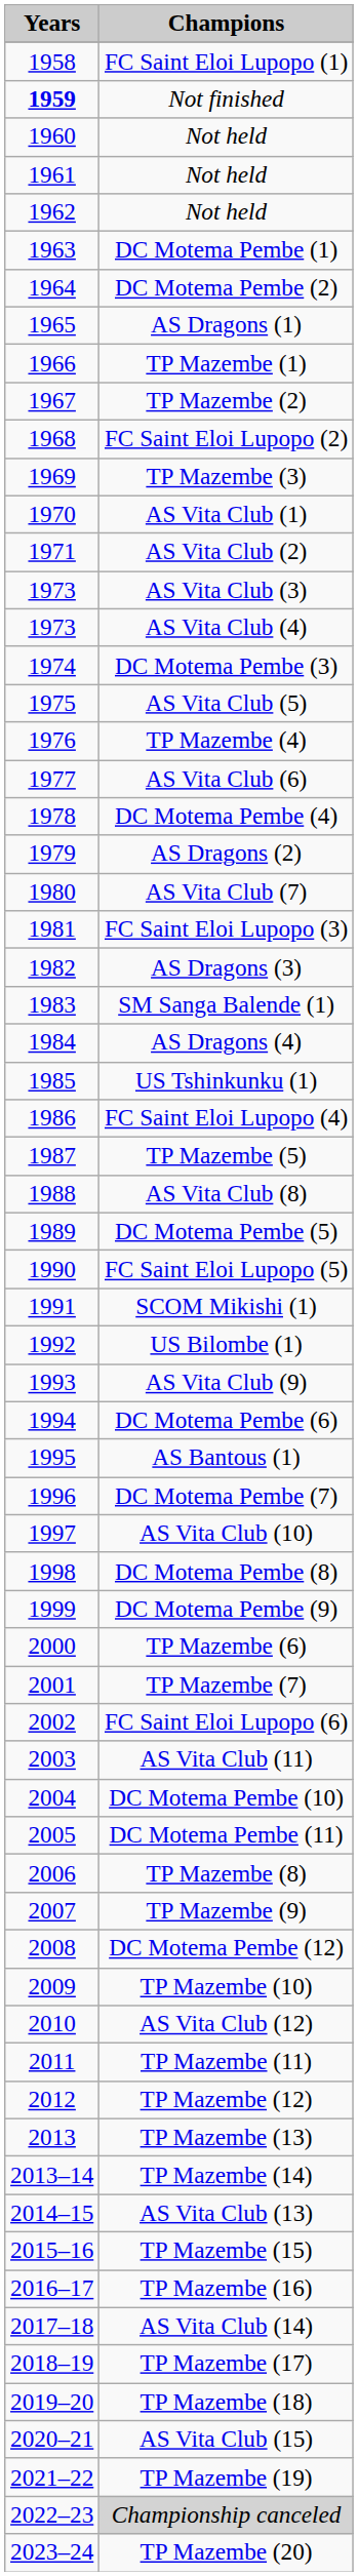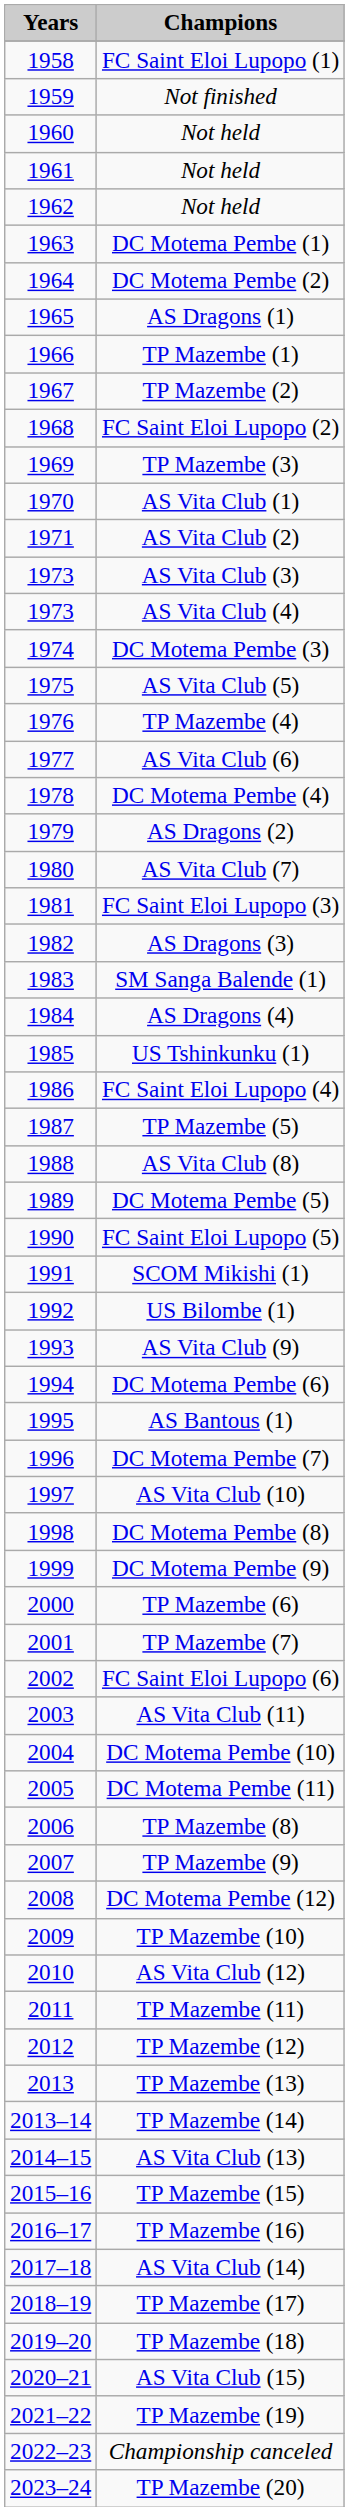 <table class="wikitable" style="text-align: center;">
 <tr bgcolor="#CCCCCC">
 <td><strong>Years</strong></td>
 <td><strong>Champions</strong></td>
 </tr>
 <tr bgcolor="#EFEFEF">
 </tr>
 <tr>
 <td><a href='#'>1958</a></td>
 <td><a href='#'>FC Saint Eloi Lupopo</a> (1)</td>
 </tr>
 <tr>
-<td><strong><a href='#'>1959</a></strong></td>
+<td><a href='#'>1959</a></td>
 <td><em>Not finished</em></td>
 </tr>
 <tr>
 <td><a href='#'>1960</a></td>
 <td><em>Not held</em></td>
 </tr>
 <tr>
 <td><a href='#'>1961</a></td>
 <td><em>Not held</em></td>
 </tr>
 <tr>
 <td><a href='#'>1962</a></td>
 <td><em>Not held</em></td>
 </tr>
 <tr>
 <td><a href='#'>1963</a></td>
 <td><a href='#'>DC Motema Pembe</a> (1)</td>
 </tr>
 <tr>
 <td><a href='#'>1964</a></td>
 <td><a href='#'>DC Motema Pembe</a> (2)</td>
 </tr>
 <tr>
 <td><a href='#'>1965</a></td>
 <td><a href='#'>AS Dragons</a> (1)</td>
 </tr>
 <tr>
 <td><a href='#'>1966</a></td>
 <td><a href='#'>TP Mazembe</a> (1)</td>
 </tr>
 <tr>
 <td><a href='#'>1967</a></td>
 <td><a href='#'>TP Mazembe</a> (2)</td>
 </tr>
 <tr>
 <td><a href='#'>1968</a></td>
 <td><a href='#'>FC Saint Eloi Lupopo</a> (2)</td>
 </tr>
 <tr>
 <td><a href='#'>1969</a></td>
 <td><a href='#'>TP Mazembe</a> (3)</td>
 </tr>
 <tr>
 <td><a href='#'>1970</a></td>
 <td><a href='#'>AS Vita Club</a> (1)</td>
 </tr>
 <tr>
 <td><a href='#'>1971</a></td>
 <td><a href='#'>AS Vita Club</a> (2)</td>
 </tr>
 <tr>
 <td><a href='#'>1973</a></td>
 <td><a href='#'>AS Vita Club</a> (3)</td>
 </tr>
 <tr>
 <td><a href='#'>1973</a></td>
 <td><a href='#'>AS Vita Club</a> (4)</td>
 </tr>
 <tr>
 <td><a href='#'>1974</a></td>
 <td><a href='#'>DC Motema Pembe</a> (3)</td>
 </tr>
 <tr>
 <td><a href='#'>1975</a></td>
 <td><a href='#'>AS Vita Club</a> (5)</td>
 </tr>
 <tr>
 <td><a href='#'>1976</a></td>
 <td><a href='#'>TP Mazembe</a> (4)</td>
 </tr>
 <tr>
 <td><a href='#'>1977</a></td>
 <td><a href='#'>AS Vita Club</a> (6)</td>
 </tr>
 <tr>
 <td><a href='#'>1978</a></td>
 <td><a href='#'>DC Motema Pembe</a> (4)</td>
 </tr>
 <tr>
 <td><a href='#'>1979</a></td>
 <td><a href='#'>AS Dragons</a> (2)</td>
 </tr>
 <tr>
 <td><a href='#'>1980</a></td>
 <td><a href='#'>AS Vita Club</a> (7)</td>
 </tr>
 <tr>
 <td><a href='#'>1981</a></td>
 <td><a href='#'>FC Saint Eloi Lupopo</a> (3)</td>
 </tr>
 <tr>
 <td><a href='#'>1982</a></td>
 <td><a href='#'>AS Dragons</a> (3)</td>
 </tr>
 <tr>
 <td><a href='#'>1983</a></td>
 <td><a href='#'>SM Sanga Balende</a> (1)</td>
 </tr>
 <tr>
 <td><a href='#'>1984</a></td>
 <td><a href='#'>AS Dragons</a> (4)</td>
 </tr>
 <tr>
 <td><a href='#'>1985</a></td>
 <td><a href='#'>US Tshinkunku</a> (1)</td>
 </tr>
 <tr>
 <td><a href='#'>1986</a></td>
 <td><a href='#'>FC Saint Eloi Lupopo</a> (4)</td>
 </tr>
 <tr>
 <td><a href='#'>1987</a></td>
 <td><a href='#'>TP Mazembe</a> (5)</td>
 </tr>
 <tr>
 <td><a href='#'>1988</a></td>
 <td><a href='#'>AS Vita Club</a> (8)</td>
 </tr>
 <tr>
 <td><a href='#'>1989</a></td>
 <td><a href='#'>DC Motema Pembe</a> (5)</td>
 </tr>
 <tr>
 <td><a href='#'>1990</a></td>
 <td><a href='#'>FC Saint Eloi Lupopo</a> (5)</td>
 </tr>
 <tr>
 <td><a href='#'>1991</a></td>
 <td><a href='#'>SCOM Mikishi</a> (1)</td>
 </tr>
 <tr>
 <td><a href='#'>1992</a></td>
 <td><a href='#'>US Bilombe</a> (1)</td>
 </tr>
 <tr>
 <td><a href='#'>1993</a></td>
 <td><a href='#'>AS Vita Club</a> (9)</td>
 </tr>
 <tr>
 <td><a href='#'>1994</a></td>
 <td><a href='#'>DC Motema Pembe</a> (6)</td>
 </tr>
 <tr>
 <td><a href='#'>1995</a></td>
 <td><a href='#'>AS Bantous</a> (1)</td>
 </tr>
 <tr>
 <td><a href='#'>1996</a></td>
 <td><a href='#'>DC Motema Pembe</a> (7)</td>
 </tr>
 <tr>
 <td><a href='#'>1997</a></td>
 <td><a href='#'>AS Vita Club</a> (10)</td>
 </tr>
 <tr>
 <td><a href='#'>1998</a></td>
 <td><a href='#'>DC Motema Pembe</a> (8)</td>
 </tr>
 <tr>
 <td><a href='#'>1999</a></td>
 <td><a href='#'>DC Motema Pembe</a> (9)</td>
 </tr>
 <tr>
 <td><a href='#'>2000</a></td>
 <td><a href='#'>TP Mazembe</a> (6)</td>
 </tr>
 <tr>
 <td><a href='#'>2001</a></td>
 <td><a href='#'>TP Mazembe</a> (7)</td>
 </tr>
 <tr>
 <td><a href='#'>2002</a></td>
 <td><a href='#'>FC Saint Eloi Lupopo</a> (6)</td>
 </tr>
 <tr>
 <td><a href='#'>2003</a></td>
 <td><a href='#'>AS Vita Club</a> (11)</td>
 </tr>
 <tr>
 <td><a href='#'>2004</a></td>
 <td><a href='#'>DC Motema Pembe</a> (10)</td>
 </tr>
 <tr>
 <td><a href='#'>2005</a></td>
 <td><a href='#'>DC Motema Pembe</a> (11)</td>
 </tr>
 <tr>
 <td><a href='#'>2006</a></td>
 <td><a href='#'>TP Mazembe</a> (8)</td>
 </tr>
 <tr>
 <td><a href='#'>2007</a></td>
 <td><a href='#'>TP Mazembe</a> (9)</td>
 </tr>
 <tr>
 <td><a href='#'>2008</a></td>
 <td><a href='#'>DC Motema Pembe</a> (12)</td>
 </tr>
 <tr>
 <td><a href='#'>2009</a></td>
 <td><a href='#'>TP Mazembe</a> (10)</td>
 </tr>
 <tr>
 <td><a href='#'>2010</a></td>
 <td><a href='#'>AS Vita Club</a> (12)</td>
 </tr>
 <tr>
 <td><a href='#'>2011</a></td>
 <td><a href='#'>TP Mazembe</a> (11)</td>
 </tr>
 <tr>
 <td><a href='#'>2012</a></td>
 <td><a href='#'>TP Mazembe</a> (12)</td>
 </tr>
 <tr>
 <td><a href='#'>2013</a></td>
 <td><a href='#'>TP Mazembe</a> (13)</td>
 </tr>
 <tr>
 <td><a href='#'>2013–14</a></td>
 <td><a href='#'>TP Mazembe</a> (14)</td>
 </tr>
 <tr>
 <td><a href='#'>2014–15</a></td>
 <td><a href='#'>AS Vita Club</a> (13)</td>
 </tr>
 <tr>
 <td><a href='#'>2015–16</a></td>
 <td><a href='#'>TP Mazembe</a> (15)</td>
 </tr>
 <tr>
 <td><a href='#'>2016–17</a></td>
 <td><a href='#'>TP Mazembe</a> (16)</td>
 </tr>
 <tr>
 <td><a href='#'>2017–18</a></td>
 <td><a href='#'>AS Vita Club</a> (14)</td>
 </tr>
 <tr>
 <td><a href='#'>2018–19</a></td>
 <td><a href='#'>TP Mazembe</a> (17)</td>
 </tr>
 <tr>
 <td><a href='#'>2019–20</a></td>
 <td><a href='#'>TP Mazembe</a> (18)</td>
 </tr>
 <tr>
 <td><a href='#'>2020–21</a></td>
 <td><a href='#'>AS Vita Club</a> (15)</td>
 </tr>
 <tr>
 <td><a href='#'>2021–22</a></td>
 <td><a href='#'>TP Mazembe</a> (19)</td>
 </tr>
 <tr>
 <td><a href='#'>2022–23</a></td>
-<td style="background: lightgrey;"><em>Championship canceled</em></td>
+<td><em>Championship canceled</em></td>
 </tr>
 <tr>
 <td><a href='#'>2023–24</a></td>
 <td><a href='#'>TP Mazembe</a> (20)</td>
 </tr>
 <tr>
 </tr>
 </table>
